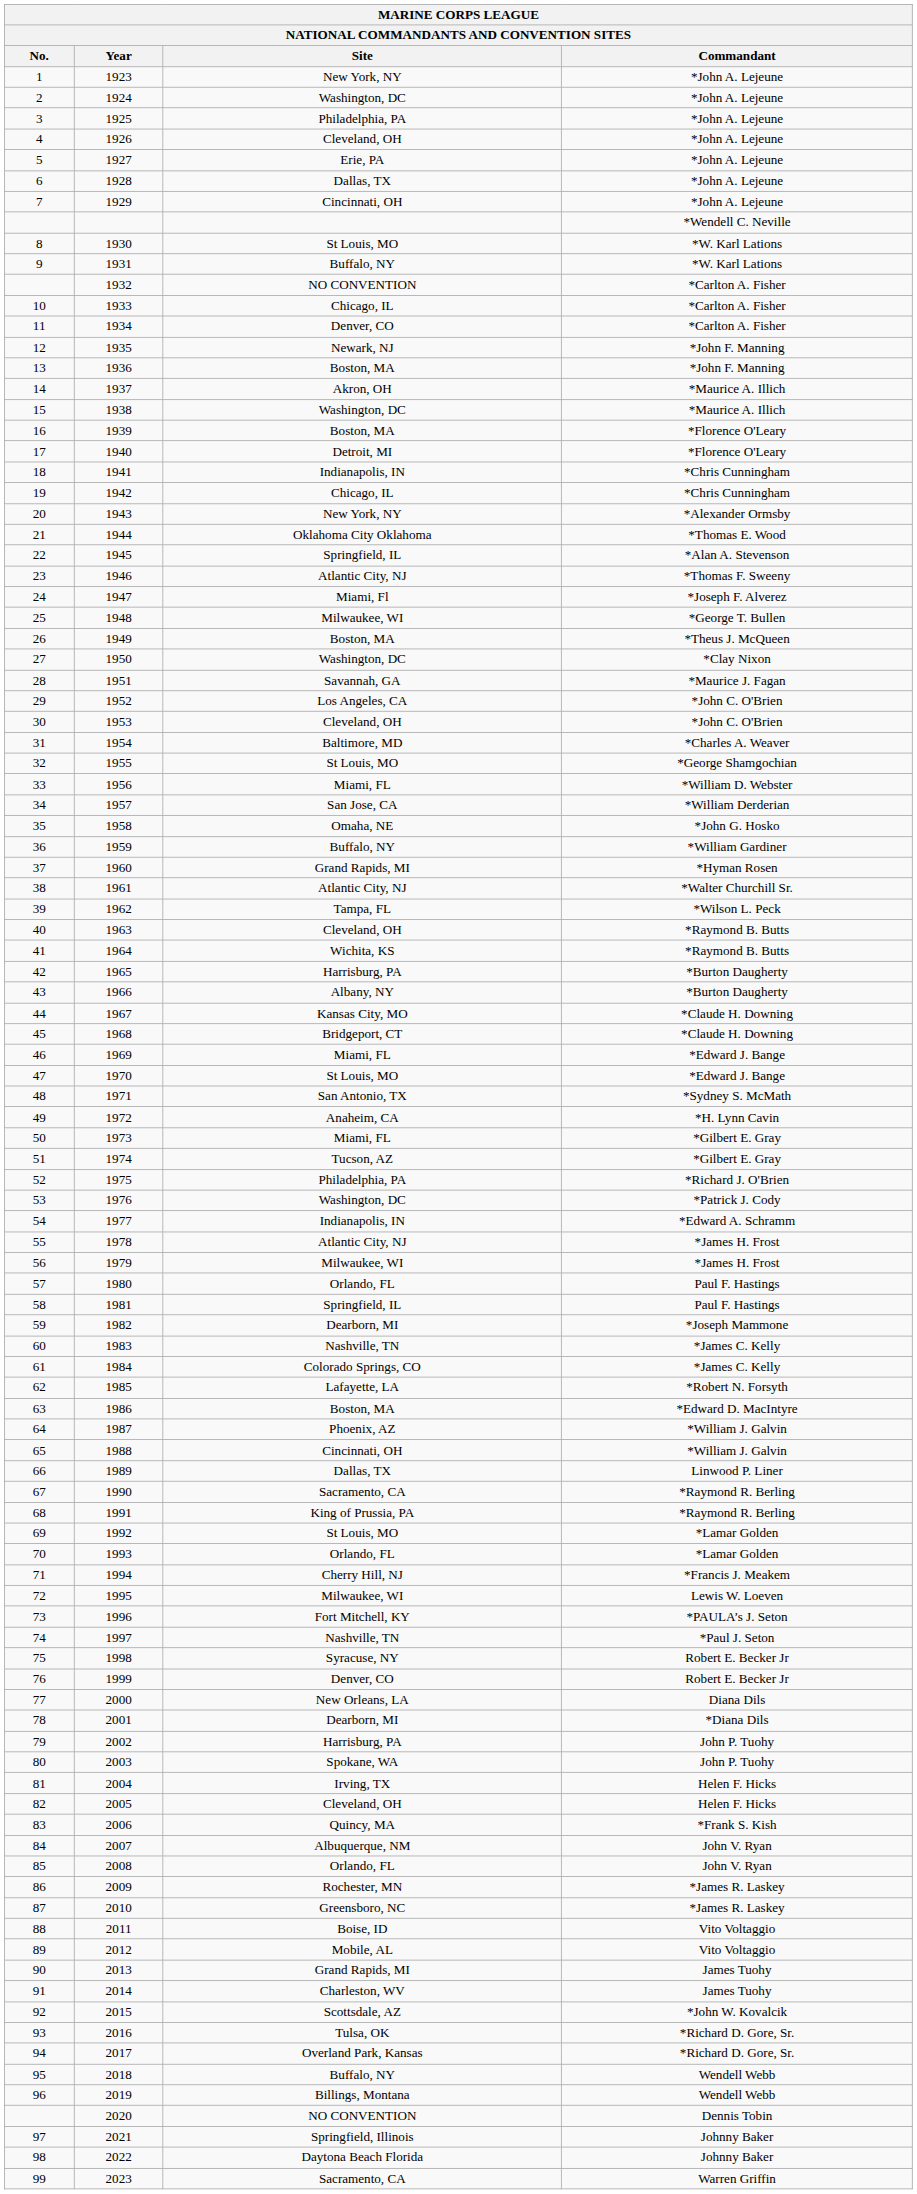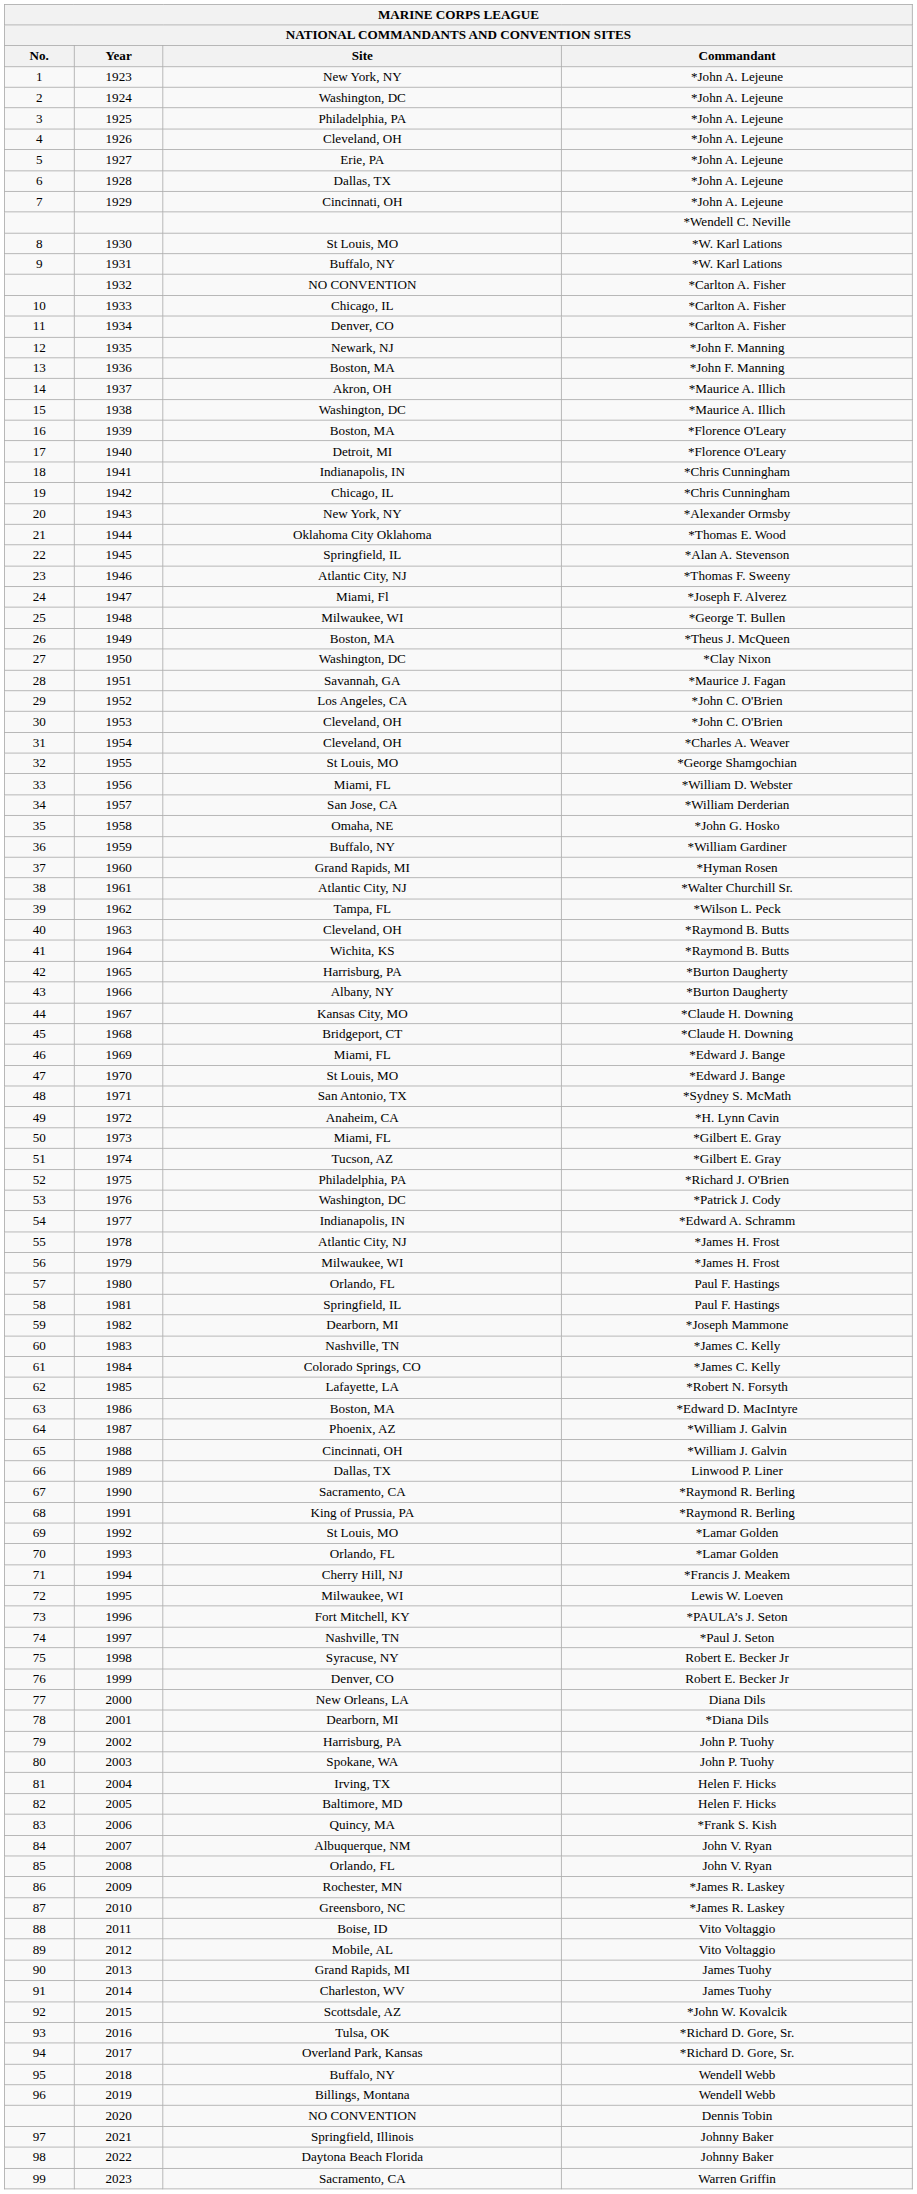 <table class="wikitable" style="margin-left: auto; margin-right: auto; border: none; width:70%; text-align:center; cellpadding: 2; cellspacing: 0;">
 <tr>
 </tr>
 <tr>
 <th colspan="5">MARINE CORPS LEAGUE</th>
 </tr>
 <tr>
 <th colspan="5">NATIONAL COMMANDANTS AND CONVENTION SITES</th>
 </tr>
 <tr>
 <th>No.</th>
 <th>Year</th>
 <th>Site</th>
 <th>Commandant</th>
 </tr>
 <tr>
 <td style="text-align:center;">1</td>
 <td style="text-align:center;">1923</td>
 <td style="text-align:center;">New York, NY</td>
 <td style="text-align:center;">*John A. Lejeune</td>
 </tr>
 <tr>
 <td style="text-align:center;">2</td>
 <td style="text-align:center;">1924</td>
 <td style="text-align:center;">Washington, DC</td>
 <td style="text-align:center;">*John A. Lejeune</td>
 </tr>
 <tr>
 <td style="text-align:center;">3</td>
 <td style="text-align:center;">1925</td>
 <td style="text-align:center;">Philadelphia, PA</td>
 <td style="text-align:center;">*John A. Lejeune</td>
 </tr>
 <tr>
 <td style="text-align:center;">4</td>
 <td style="text-align:center;">1926</td>
 <td style="text-align:center;">Cleveland, OH</td>
 <td style="text-align:center;">*John A. Lejeune</td>
 </tr>
 <tr>
 <td style="text-align:center;">5</td>
 <td style="text-align:center;">1927</td>
 <td style="text-align:center;">Erie, PA</td>
 <td style="text-align:center;">*John A. Lejeune</td>
 </tr>
 <tr>
 <td style="text-align:center;">6</td>
 <td style="text-align:center;">1928</td>
 <td style="text-align:center;">Dallas, TX</td>
 <td style="text-align:center;">*John A. Lejeune</td>
 </tr>
 <tr>
 <td style="text-align:center;">7</td>
 <td style="text-align:center;">1929</td>
 <td style="text-align:center;">Cincinnati, OH</td>
 <td style="text-align:center;">*John A. Lejeune</td>
 </tr>
 <tr>
 <td style="text-align:center;"></td>
 <td style="text-align:center;"></td>
 <td style="text-align:center;"></td>
 <td style="text-align:center;">*Wendell C. Neville</td>
 </tr>
 <tr>
 <td style="text-align:center;">8</td>
 <td style="text-align:center;">1930</td>
 <td style="text-align:center;">St Louis, MO</td>
 <td style="text-align:center;">*W. Karl Lations</td>
 </tr>
 <tr>
 <td style="text-align:center;">9</td>
 <td style="text-align:center;">1931</td>
 <td style="text-align:center;">Buffalo, NY</td>
 <td style="text-align:center;">*W. Karl Lations</td>
 </tr>
 <tr>
 <td style="text-align:center;"></td>
 <td style="text-align:center;">1932</td>
 <td style="text-align:center;">NO CONVENTION</td>
 <td style="text-align:center;">*Carlton A. Fisher</td>
 </tr>
 <tr>
 <td style="text-align:center;">10</td>
 <td style="text-align:center;">1933</td>
 <td style="text-align:center;">Chicago, IL</td>
 <td style="text-align:center;">*Carlton A. Fisher</td>
 </tr>
 <tr>
 <td style="text-align:center;">11</td>
 <td style="text-align:center;">1934</td>
 <td style="text-align:center;">Denver, CO</td>
 <td style="text-align:center;">*Carlton A. Fisher</td>
 </tr>
 <tr>
 <td style="text-align:center;">12</td>
 <td style="text-align:center;">1935</td>
 <td style="text-align:center;">Newark, NJ</td>
 <td style="text-align:center;">*John F. Manning</td>
 </tr>
 <tr>
 <td style="text-align:center;">13</td>
 <td style="text-align:center;">1936</td>
 <td style="text-align:center;">Boston, MA</td>
 <td style="text-align:center;">*John F. Manning</td>
 </tr>
 <tr>
 <td style="text-align:center;">14</td>
 <td style="text-align:center;">1937</td>
 <td style="text-align:center;">Akron, OH</td>
 <td style="text-align:center;">*Maurice A. Illich</td>
 </tr>
 <tr>
 <td style="text-align:center;">15</td>
 <td style="text-align:center;">1938</td>
 <td style="text-align:center;">Washington, DC</td>
 <td style="text-align:center;">*Maurice A. Illich</td>
 </tr>
 <tr>
 <td style="text-align:center;">16</td>
 <td style="text-align:center;">1939</td>
 <td style="text-align:center;">Boston, MA</td>
 <td style="text-align:center;">*Florence O'Leary</td>
 </tr>
 <tr>
 <td style="text-align:center;">17</td>
 <td style="text-align:center;">1940</td>
 <td style="text-align:center;">Detroit, MI</td>
 <td style="text-align:center;">*Florence O'Leary</td>
 </tr>
 <tr>
 <td style="text-align:center;">18</td>
 <td style="text-align:center;">1941</td>
 <td style="text-align:center;">Indianapolis, IN</td>
 <td style="text-align:center;">*Chris Cunningham</td>
 </tr>
 <tr>
 <td style="text-align:center;">19</td>
 <td style="text-align:center;">1942</td>
 <td style="text-align:center;">Chicago, IL</td>
 <td style="text-align:center;">*Chris Cunningham</td>
 </tr>
 <tr>
 <td style="text-align:center;">20</td>
 <td style="text-align:center;">1943</td>
 <td style="text-align:center;">New York, NY</td>
 <td style="text-align:center;">*Alexander Ormsby</td>
 </tr>
 <tr>
 <td style="text-align:center;">21</td>
 <td style="text-align:center;">1944</td>
 <td style="text-align:center;">Oklahoma City Oklahoma</td>
 <td style="text-align:center;">*Thomas E. Wood</td>
 </tr>
 <tr>
 <td style="text-align:center;">22</td>
 <td style="text-align:center;">1945</td>
 <td style="text-align:center;">Springfield, IL</td>
 <td style="text-align:center;">*Alan A. Stevenson</td>
 </tr>
 <tr>
 <td style="text-align:center;">23</td>
 <td style="text-align:center;">1946</td>
 <td style="text-align:center;">Atlantic City, NJ</td>
 <td style="text-align:center;">*Thomas F. Sweeny</td>
 </tr>
 <tr>
 <td style="text-align:center;">24</td>
 <td style="text-align:center;">1947</td>
 <td style="text-align:center;">Miami, Fl</td>
 <td style="text-align:center;">*Joseph F. Alverez</td>
 </tr>
 <tr>
 <td style="text-align:center;">25</td>
 <td style="text-align:center;">1948</td>
 <td style="text-align:center;">Milwaukee, WI</td>
 <td style="text-align:center;">*George T. Bullen</td>
 </tr>
 <tr>
 <td style="text-align:center;">26</td>
 <td style="text-align:center;">1949</td>
 <td style="text-align:center;">Boston, MA</td>
 <td style="text-align:center;">*Theus J. McQueen</td>
 </tr>
 <tr>
 <td style="text-align:center;">27</td>
 <td style="text-align:center;">1950</td>
 <td style="text-align:center;">Washington, DC</td>
 <td style="text-align:center;">*Clay Nixon</td>
 </tr>
 <tr>
 <td style="text-align:center;">28</td>
 <td style="text-align:center;">1951</td>
 <td style="text-align:center;">Savannah, GA</td>
 <td style="text-align:center;">*Maurice J. Fagan</td>
 </tr>
 <tr>
 <td style="text-align:center;">29</td>
 <td style="text-align:center;">1952</td>
 <td style="text-align:center;">Los Angeles, CA</td>
 <td style="text-align:center;">*John C. O'Brien</td>
 </tr>
 <tr>
 <td style="text-align:center;">30</td>
 <td style="text-align:center;">1953</td>
 <td style="text-align:center;">Cleveland, OH</td>
 <td style="text-align:center;">*John C. O'Brien</td>
 </tr>
 <tr>
 <td style="text-align:center;">31</td>
 <td style="text-align:center;">1954</td>
-<td style="text-align:center;">Baltimore, MD</td>
+<td style="text-align:center;">Cleveland, OH</td>
 <td style="text-align:center;">*Charles A. Weaver</td>
 </tr>
 <tr>
 <td style="text-align:center;">32</td>
 <td style="text-align:center;">1955</td>
 <td style="text-align:center;">St Louis, MO</td>
 <td style="text-align:center;">*George Shamgochian</td>
 </tr>
 <tr>
 <td style="text-align:center;">33</td>
 <td style="text-align:center;">1956</td>
 <td style="text-align:center;">Miami, FL</td>
 <td style="text-align:center;">*William D. Webster</td>
 </tr>
 <tr>
 <td style="text-align:center;">34</td>
 <td style="text-align:center;">1957</td>
 <td style="text-align:center;">San Jose, CA</td>
 <td style="text-align:center;">*William Derderian</td>
 </tr>
 <tr>
 <td style="text-align:center;">35</td>
 <td style="text-align:center;">1958</td>
 <td style="text-align:center;">Omaha, NE</td>
 <td style="text-align:center;">*John G. Hosko</td>
 </tr>
 <tr>
 <td style="text-align:center;">36</td>
 <td style="text-align:center;">1959</td>
 <td style="text-align:center;">Buffalo, NY</td>
 <td style="text-align:center;">*William Gardiner</td>
 </tr>
 <tr>
 <td style="text-align:center;">37</td>
 <td style="text-align:center;">1960</td>
 <td style="text-align:center;">Grand Rapids, MI</td>
 <td style="text-align:center;">*Hyman Rosen</td>
 </tr>
 <tr>
 <td style="text-align:center;">38</td>
 <td style="text-align:center;">1961</td>
 <td style="text-align:center;">Atlantic City, NJ</td>
 <td style="text-align:center;">*Walter Churchill Sr.</td>
 </tr>
 <tr>
 <td style="text-align:center;">39</td>
 <td style="text-align:center;">1962</td>
 <td style="text-align:center;">Tampa, FL</td>
 <td style="text-align:center;">*Wilson L. Peck</td>
 </tr>
 <tr>
 <td style="text-align:center;">40</td>
 <td style="text-align:center;">1963</td>
 <td style="text-align:center;">Cleveland, OH</td>
 <td style="text-align:center;">*Raymond B. Butts</td>
 </tr>
 <tr>
 <td style="text-align:center;">41</td>
 <td style="text-align:center;">1964</td>
 <td style="text-align:center;">Wichita, KS</td>
 <td style="text-align:center;">*Raymond B. Butts</td>
 </tr>
 <tr>
 <td style="text-align:center;">42</td>
 <td style="text-align:center;">1965</td>
 <td style="text-align:center;">Harrisburg, PA</td>
 <td style="text-align:center;">*Burton Daugherty</td>
 </tr>
 <tr>
 <td style="text-align:center;">43</td>
 <td style="text-align:center;">1966</td>
 <td style="text-align:center;">Albany, NY</td>
 <td style="text-align:center;">*Burton Daugherty</td>
 </tr>
 <tr>
 <td style="text-align:center;">44</td>
 <td style="text-align:center;">1967</td>
 <td style="text-align:center;">Kansas City, MO</td>
 <td style="text-align:center;">*Claude H. Downing</td>
 </tr>
 <tr>
 <td style="text-align:center;">45</td>
 <td style="text-align:center;">1968</td>
 <td style="text-align:center;">Bridgeport, CT</td>
 <td style="text-align:center;">*Claude H. Downing</td>
 </tr>
 <tr>
 <td style="text-align:center;">46</td>
 <td style="text-align:center;">1969</td>
 <td style="text-align:center;">Miami, FL</td>
 <td style="text-align:center;">*Edward J. Bange</td>
 </tr>
 <tr>
 <td style="text-align:center;">47</td>
 <td style="text-align:center;">1970</td>
 <td style="text-align:center;">St Louis, MO</td>
 <td style="text-align:center;">*Edward J. Bange</td>
 </tr>
 <tr>
 <td style="text-align:center;">48</td>
 <td style="text-align:center;">1971</td>
 <td style="text-align:center;">San Antonio, TX</td>
 <td style="text-align:center;">*Sydney S. McMath</td>
 </tr>
 <tr>
 <td style="text-align:center;">49</td>
 <td style="text-align:center;">1972</td>
 <td style="text-align:center;">Anaheim, CA</td>
 <td style="text-align:center;">*H. Lynn Cavin</td>
 </tr>
 <tr>
 <td style="text-align:center;">50</td>
 <td style="text-align:center;">1973</td>
 <td style="text-align:center;">Miami, FL</td>
 <td style="text-align:center;">*Gilbert E. Gray</td>
 </tr>
 <tr>
 <td style="text-align:center;">51</td>
 <td style="text-align:center;">1974</td>
 <td style="text-align:center;">Tucson, AZ</td>
 <td style="text-align:center;">*Gilbert E. Gray</td>
 </tr>
 <tr>
 <td style="text-align:center;">52</td>
 <td style="text-align:center;">1975</td>
 <td style="text-align:center;">Philadelphia, PA</td>
 <td style="text-align:center;">*Richard J. O'Brien</td>
 </tr>
 <tr>
 <td style="text-align:center;">53</td>
 <td style="text-align:center;">1976</td>
 <td style="text-align:center;">Washington, DC</td>
 <td style="text-align:center;">*Patrick J. Cody</td>
 </tr>
 <tr>
 <td style="text-align:center;">54</td>
 <td style="text-align:center;">1977</td>
 <td style="text-align:center;">Indianapolis, IN</td>
 <td style="text-align:center;">*Edward A. Schramm</td>
 </tr>
 <tr>
 <td style="text-align:center;">55</td>
 <td style="text-align:center;">1978</td>
 <td style="text-align:center;">Atlantic City, NJ</td>
 <td style="text-align:center;">*James H. Frost</td>
 </tr>
 <tr>
 <td style="text-align:center;">56</td>
 <td style="text-align:center;">1979</td>
 <td style="text-align:center;">Milwaukee, WI</td>
 <td style="text-align:center;">*James H. Frost</td>
 </tr>
 <tr>
 <td style="text-align:center;">57</td>
 <td style="text-align:center;">1980</td>
 <td style="text-align:center;">Orlando, FL</td>
 <td style="text-align:center;">Paul F. Hastings</td>
 </tr>
 <tr>
 <td style="text-align:center;">58</td>
 <td style="text-align:center;">1981</td>
 <td style="text-align:center;">Springfield, IL</td>
 <td style="text-align:center;">Paul F. Hastings</td>
 </tr>
 <tr>
 <td style="text-align:center;">59</td>
 <td style="text-align:center;">1982</td>
 <td style="text-align:center;">Dearborn, MI</td>
 <td style="text-align:center;">*Joseph Mammone</td>
 </tr>
 <tr>
 <td style="text-align:center;">60</td>
 <td style="text-align:center;">1983</td>
 <td style="text-align:center;">Nashville, TN</td>
 <td style="text-align:center;">*James C. Kelly</td>
 </tr>
 <tr>
 <td style="text-align:center;">61</td>
 <td style="text-align:center;">1984</td>
 <td style="text-align:center;">Colorado Springs, CO</td>
 <td style="text-align:center;">*James C. Kelly</td>
 </tr>
 <tr>
 <td style="text-align:center;">62</td>
 <td style="text-align:center;">1985</td>
 <td style="text-align:center;">Lafayette, LA</td>
 <td style="text-align:center;">*Robert N. Forsyth</td>
 </tr>
 <tr>
 <td style="text-align:center;">63</td>
 <td style="text-align:center;">1986</td>
 <td style="text-align:center;">Boston, MA</td>
 <td style="text-align:center;">*Edward D. MacIntyre</td>
 </tr>
 <tr>
 <td style="text-align:center;">64</td>
 <td style="text-align:center;">1987</td>
 <td style="text-align:center;">Phoenix, AZ</td>
 <td style="text-align:center;">*William J. Galvin</td>
 </tr>
 <tr>
 <td style="text-align:center;">65</td>
 <td style="text-align:center;">1988</td>
 <td style="text-align:center;">Cincinnati, OH</td>
 <td style="text-align:center;">*William J. Galvin</td>
 </tr>
 <tr>
 <td style="text-align:center;">66</td>
 <td style="text-align:center;">1989</td>
 <td style="text-align:center;">Dallas, TX</td>
 <td style="text-align:center;">Linwood P. Liner</td>
 </tr>
 <tr>
 <td style="text-align:center;">67</td>
 <td style="text-align:center;">1990</td>
 <td style="text-align:center;">Sacramento, CA</td>
 <td style="text-align:center;">*Raymond R. Berling</td>
 </tr>
 <tr>
 <td style="text-align:center;">68</td>
 <td style="text-align:center;">1991</td>
 <td style="text-align:center;">King of Prussia, PA</td>
 <td style="text-align:center;">*Raymond R. Berling</td>
 </tr>
 <tr>
 <td style="text-align:center;">69</td>
 <td style="text-align:center;">1992</td>
 <td style="text-align:center;">St Louis, MO</td>
 <td style="text-align:center;">*Lamar Golden</td>
 </tr>
 <tr>
 <td style="text-align:center;">70</td>
 <td style="text-align:center;">1993</td>
 <td style="text-align:center;">Orlando, FL</td>
 <td style="text-align:center;">*Lamar Golden</td>
 </tr>
 <tr>
 <td style="text-align:center;">71</td>
 <td style="text-align:center;">1994</td>
 <td style="text-align:center;">Cherry Hill, NJ</td>
 <td style="text-align:center;">*Francis J. Meakem</td>
 </tr>
 <tr>
 <td style="text-align:center;">72</td>
 <td style="text-align:center;">1995</td>
 <td style="text-align:center;">Milwaukee, WI</td>
 <td style="text-align:center;">Lewis W. Loeven</td>
 </tr>
 <tr>
 <td style="text-align:center;">73</td>
 <td style="text-align:center;">1996</td>
 <td style="text-align:center;">Fort Mitchell, KY</td>
 <td style="text-align:center;">*PAULA’s  J. Seton</td>
 </tr>
 <tr>
 <td style="text-align:center;">74</td>
 <td style="text-align:center;">1997</td>
 <td style="text-align:center;">Nashville, TN</td>
 <td style="text-align:center;">*Paul J. Seton</td>
 </tr>
 <tr>
 <td style="text-align:center;">75</td>
 <td style="text-align:center;">1998</td>
 <td style="text-align:center;">Syracuse, NY</td>
 <td style="text-align:center;">Robert E. Becker Jr</td>
 </tr>
 <tr>
 <td style="text-align:center;">76</td>
 <td style="text-align:center;">1999</td>
 <td style="text-align:center;">Denver, CO</td>
 <td style="text-align:center;">Robert E. Becker Jr</td>
 </tr>
 <tr>
 <td style="text-align:center;">77</td>
 <td style="text-align:center;">2000</td>
 <td style="text-align:center;">New Orleans, LA</td>
 <td style="text-align:center;">Diana Dils</td>
 </tr>
 <tr>
 <td style="text-align:center;">78</td>
 <td style="text-align:center;">2001</td>
 <td style="text-align:center;">Dearborn, MI</td>
 <td style="text-align:center;">*Diana Dils</td>
 </tr>
 <tr>
 <td style="text-align:center;">79</td>
 <td style="text-align:center;">2002</td>
 <td style="text-align:center;">Harrisburg, PA</td>
 <td style="text-align:center;">John P. Tuohy</td>
 </tr>
 <tr>
 <td style="text-align:center;">80</td>
 <td style="text-align:center;">2003</td>
 <td style="text-align:center;">Spokane, WA</td>
 <td style="text-align:center;">John P. Tuohy</td>
 </tr>
 <tr>
 <td style="text-align:center;">81</td>
 <td style="text-align:center;">2004</td>
 <td style="text-align:center;">Irving, TX</td>
 <td style="text-align:center;">Helen F. Hicks</td>
 </tr>
 <tr>
 <td style="text-align:center;">82</td>
 <td style="text-align:center;">2005</td>
-<td style="text-align:center;">Cleveland, OH</td>
+<td style="text-align:center;">Baltimore, MD</td>
 <td style="text-align:center;">Helen F. Hicks</td>
 </tr>
 <tr>
 <td style="text-align:center;">83</td>
 <td style="text-align:center;">2006</td>
 <td style="text-align:center;">Quincy, MA</td>
 <td style="text-align:center;">*Frank S. Kish</td>
 </tr>
 <tr>
 <td style="text-align:center;">84</td>
 <td style="text-align:center;">2007</td>
 <td style="text-align:center;">Albuquerque, NM</td>
 <td style="text-align:center;">John V. Ryan</td>
 </tr>
 <tr>
 <td style="text-align:center;">85</td>
 <td style="text-align:center;">2008</td>
 <td style="text-align:center;">Orlando, FL</td>
 <td style="text-align:center;">John V. Ryan</td>
 </tr>
 <tr>
 <td style="text-align:center;">86</td>
 <td style="text-align:center;">2009</td>
 <td style="text-align:center;">Rochester, MN</td>
 <td style="text-align:center;">*James R. Laskey</td>
 </tr>
 <tr>
 <td style="text-align:center;">87</td>
 <td style="text-align:center;">2010</td>
 <td style="text-align:center;">Greensboro, NC</td>
 <td style="text-align:center;">*James R. Laskey</td>
 </tr>
 <tr>
 <td style="text-align:center;">88</td>
 <td style="text-align:center;">2011</td>
 <td style="text-align:center;">Boise, ID</td>
 <td style="text-align:center;">Vito Voltaggio</td>
 </tr>
 <tr>
 <td style="text-align:center;">89</td>
 <td style="text-align:center;">2012</td>
 <td style="text-align:center;">Mobile, AL</td>
 <td style="text-align:center;">Vito Voltaggio</td>
 </tr>
 <tr>
 <td style="text-align:center;">90</td>
 <td style="text-align:center;">2013</td>
 <td style="text-align:center;">Grand Rapids, MI</td>
 <td style="text-align:center;">James Tuohy</td>
 </tr>
 <tr>
 <td style="text-align:center;">91</td>
 <td style="text-align:center;">2014</td>
 <td style="text-align:center;">Charleston, WV</td>
 <td style="text-align:center;">James Tuohy</td>
 </tr>
 <tr>
 <td style="text-align:center;">92</td>
 <td style="text-align:center;">2015</td>
 <td style="text-align:center;">Scottsdale, AZ</td>
 <td style="text-align:center;">*John W. Kovalcik</td>
 </tr>
 <tr>
 <td style="text-align:center;">93</td>
 <td style="text-align:center;">2016</td>
 <td style="text-align:center;">Tulsa, OK</td>
 <td style="text-align:center;">*Richard D. Gore, Sr.</td>
 </tr>
 <tr>
 <td style="text-align:center;">94</td>
 <td style="text-align:center;">2017</td>
 <td style="text-align:center;">Overland Park, Kansas</td>
 <td style="text-align:center;">*Richard D. Gore, Sr.</td>
 </tr>
 <tr>
 <td style="text-align:center;">95</td>
 <td style="text-align:center;">2018</td>
 <td style="text-align:center;">Buffalo, NY</td>
 <td style="text-align:center;">Wendell Webb</td>
 </tr>
 <tr>
 <td style="text-align:center;">96</td>
 <td style="text-align:center;">2019</td>
 <td style="text-align:center;">Billings, Montana</td>
 <td style="text-align:center;">Wendell Webb</td>
 </tr>
 <tr>
 <td style="text-align:center;"></td>
 <td style="text-align:center;">2020</td>
 <td style="text-align:center;">NO CONVENTION</td>
 <td style="text-align:center;">Dennis Tobin</td>
 </tr>
 <tr>
 <td style="text-align:center;">97</td>
 <td style="text-align:center;">2021</td>
 <td style="text-align:center;">Springfield, Illinois</td>
 <td style="text-align:center;">Johnny Baker</td>
 </tr>
 <tr>
 <td style="text-align:center;">98</td>
 <td style="text-align:center;">2022</td>
 <td style="text-align:center;">Daytona Beach Florida</td>
 <td style="text-align:center;">Johnny Baker</td>
 </tr>
 <tr>
 <td style="text-align:center;">99</td>
 <td style="text-align:center;">2023</td>
 <td style="text-align:center;">Sacramento, CA</td>
 <td style="text-align:center;">Warren Griffin</td>
 </tr>
 <tr>
 </tr>
 </table>
